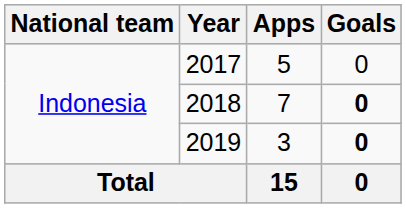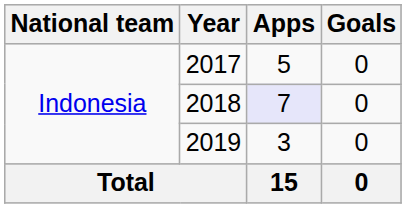 <table class="wikitable" style="text-align:center">
 <tr>
 <th>National team</th>
 <th>Year</th>
 <th>Apps</th>
 <th>Goals</th>
 </tr>
 <tr>
 <td rowspan=3><a href='#'>Indonesia</a></td>
 <td>2017</td>
 <td>5</td>
 <td>0</td>
 </tr>
 <tr>
 <td>2018</td>
-<td>7</td>
-<td><strong>0</strong></td>
+<td style="background: lavender;">7</td>
+<td>0</td>
 </tr>
 <tr>
 <td>2019</td>
 <td>3</td>
-<td><strong>0</strong></td>
+<td>0</td>
 </tr>
 <tr>
 <th colspan=2>Total</th>
 <th>15</th>
 <th>0</th>
 </tr>
 </table>
